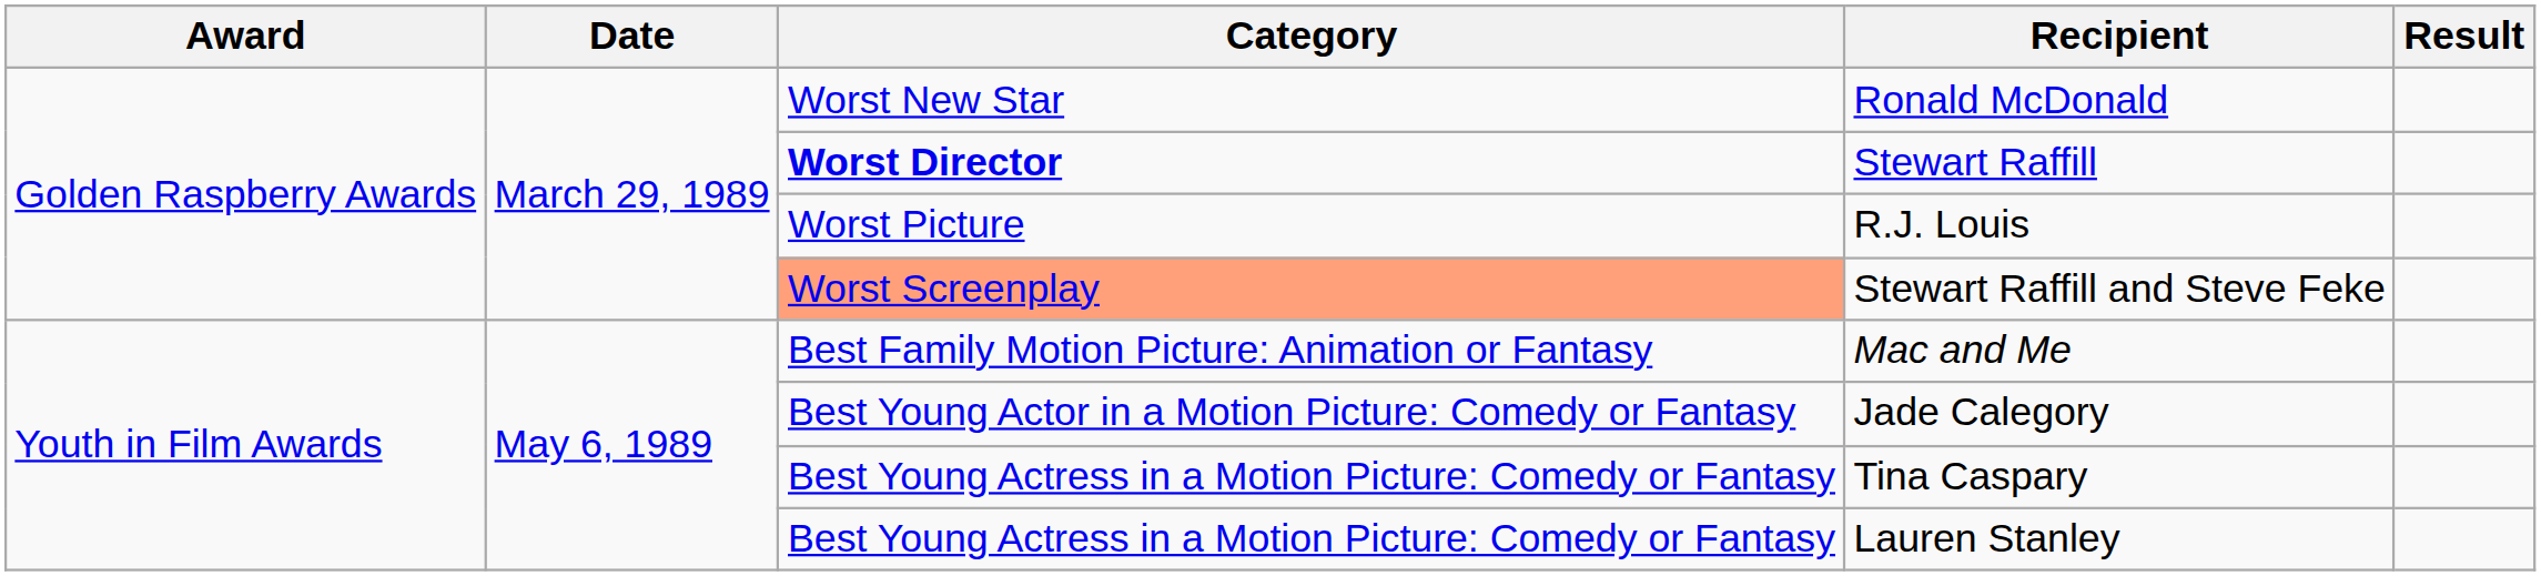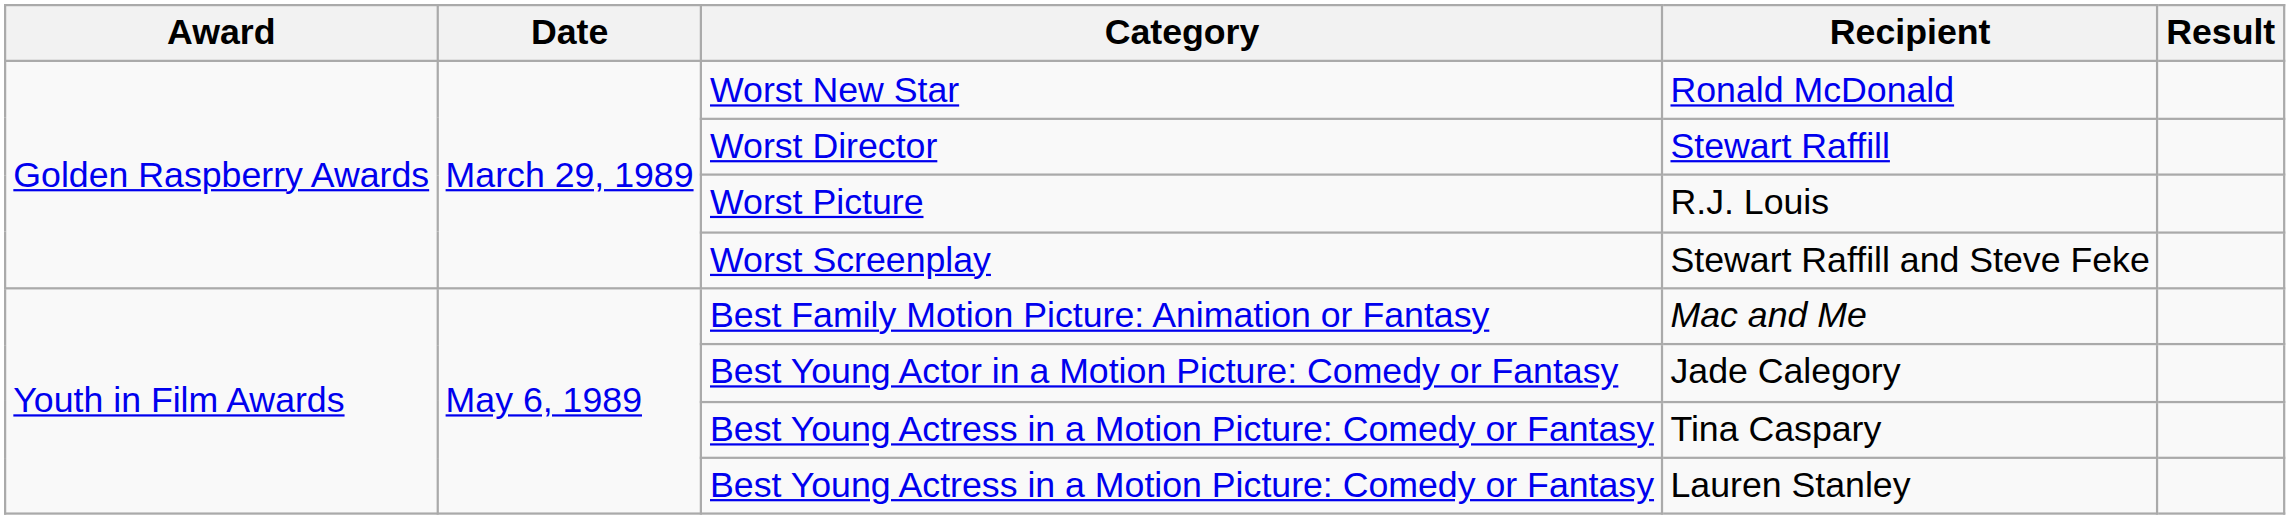 <table class="wikitable">
 <tr>
 <th>Award</th>
 <th>Date</th>
 <th>Category</th>
 <th>Recipient</th>
 <th>Result</th>
 </tr>
 <tr>
 <td rowspan=4><a href='#'>Golden Raspberry Awards</a></td>
 <td rowspan="4"><a href='#'>March 29, 1989</a></td>
 <td><a href='#'>Worst New Star</a></td>
 <td><a href='#'>Ronald McDonald</a></td>
 <td></td>
 </tr>
 <tr>
-<td><strong><a href='#'>Worst Director</a></strong></td>
+<td><a href='#'>Worst Director</a></td>
 <td><a href='#'>Stewart Raffill</a></td>
 <td></td>
 </tr>
 <tr>
 <td><a href='#'>Worst Picture</a></td>
 <td>R.J. Louis</td>
 <td></td>
 </tr>
 <tr>
-<td style="background: lightsalmon;"><a href='#'>Worst Screenplay</a></td>
+<td><a href='#'>Worst Screenplay</a></td>
 <td>Stewart Raffill and Steve Feke</td>
 <td></td>
 </tr>
 <tr>
 <td rowspan=4><a href='#'>Youth in Film Awards</a></td>
 <td rowspan="4"><a href='#'>May 6, 1989</a></td>
 <td><a href='#'>Best Family Motion Picture: Animation or Fantasy</a></td>
 <td><em>Mac and Me</em></td>
 <td></td>
 </tr>
 <tr>
 <td><a href='#'>Best Young Actor in a Motion Picture: Comedy or Fantasy</a></td>
 <td>Jade Calegory</td>
 <td></td>
 </tr>
 <tr>
 <td><a href='#'>Best Young Actress in a Motion Picture: Comedy or Fantasy</a></td>
 <td>Tina Caspary</td>
 <td></td>
 </tr>
 <tr>
 <td><a href='#'>Best Young Actress in a Motion Picture: Comedy or Fantasy</a></td>
 <td>Lauren Stanley</td>
 <td></td>
 </tr>
 </table>
